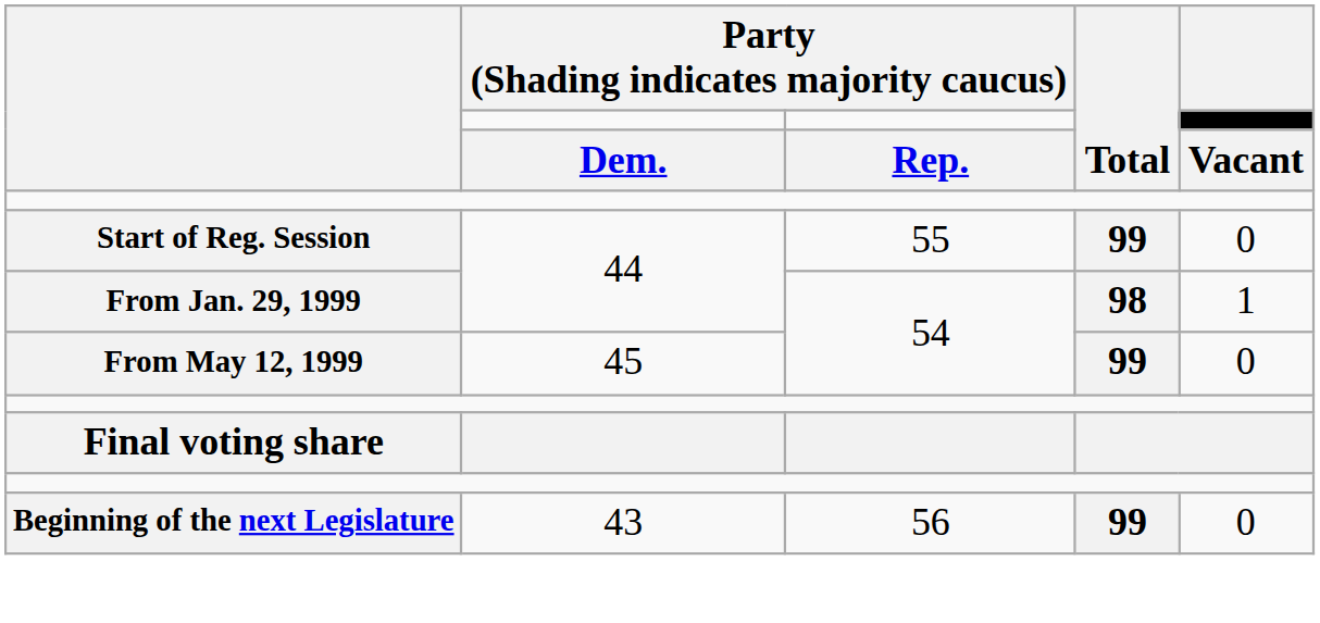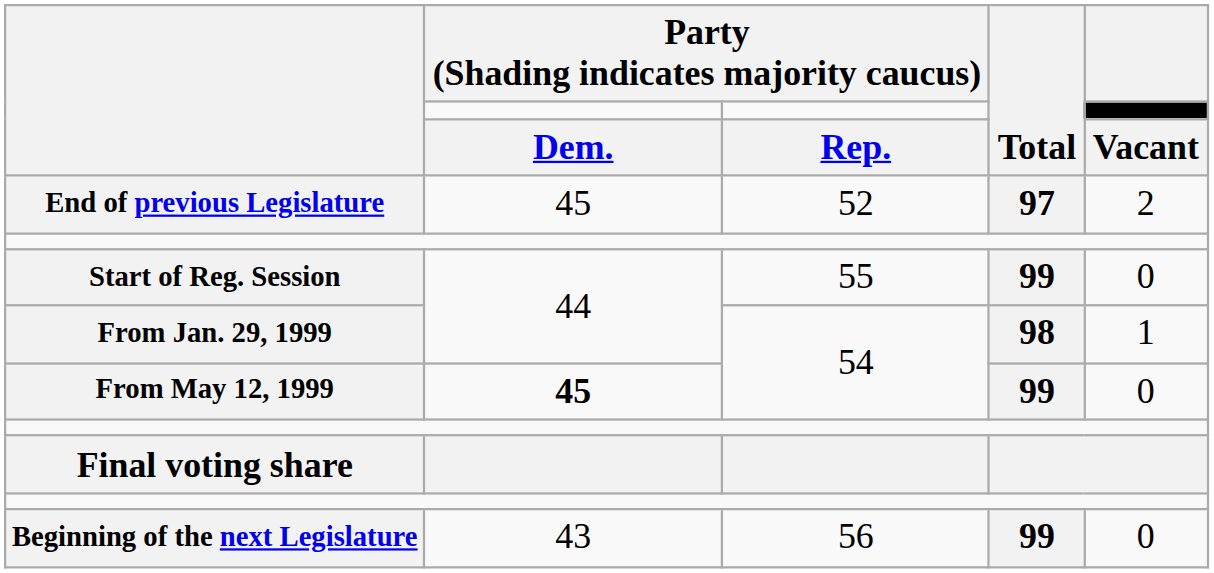 <table class=wikitable style="text-align:center">
 <tr style="vertical-align:bottom;">
 <th rowspan=3></th>
 <th colspan=2>Party <div>(Shading indicates majority caucus)</div></th>
 <th rowspan=3>Total</th>
 <th></th>
 </tr>
 <tr style="height:5px">
 <td style="background-color:"></td>
 <td style="background-color:"></td>
 <td style="background:black;"></td>
 </tr>
 <tr>
 <th><a href='#'>Dem.</a></th>
 <th><a href='#'>Rep.</a></th>
 <th>Vacant</th>
+</tr>
+<tr>
+<th style="font-size:80%;">End of <a href='#'>previous Legislature</a></th>
+<td>45</td>
+<td>52</td>
+<th>97</th>
+<td>2</td>
 </tr>
 <tr>
 <td colspan=5></td>
 </tr>
 <tr>
 <th style="font-size:80%;">Start of Reg. Session</th>
 <td rowspan="2">44</td>
 <td>55</td>
 <th>99</th>
 <td>0</td>
 </tr>
 <tr>
 <th style="font-size:80%;">From Jan. 29, 1999</th>
 <td rowspan="2" >54</td>
 <th>98</th>
 <td>1</td>
 </tr>
 <tr>
 <th style="font-size:80%;">From May 12, 1999</th>
-<td>45</td>
+<td><strong>45</strong></td>
 <th>99</th>
 <td>0</td>
 </tr>
 <tr>
 <td colspan=5></td>
 </tr>
 <tr>
 <th>Final voting share</th>
 <th></th>
 <th></th>
 <th colspan=2></th>
 </tr>
 <tr>
 <td colspan=5></td>
 </tr>
 <tr>
 <th style="font-size:80%;">Beginning of the <a href='#'>next Legislature</a></th>
 <td>43</td>
 <td>56</td>
 <th>99</th>
 <td>0</td>
 </tr>
 </table>
